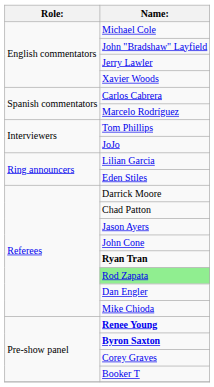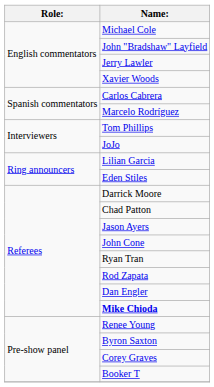 <table class=wikitable style="font-size:90%; margin: 0.5em 0 0.5em 1em; float: right; clear: right;">
 <tr>
 <th>Role:</th>
 <th>Name:</th>
 </tr>
 <tr>
 <td rowspan=4>English commentators</td>
 <td><a href='#'>Michael Cole</a></td>
 </tr>
 <tr>
 <td><a href='#'>John "Bradshaw" Layfield</a></td>
 </tr>
 <tr>
 <td><a href='#'>Jerry Lawler</a></td>
 </tr>
 <tr>
 <td><a href='#'>Xavier Woods</a> </td>
 </tr>
 <tr>
 <td rowspan=2>Spanish commentators</td>
 <td><a href='#'>Carlos Cabrera</a></td>
 </tr>
 <tr>
 <td><a href='#'>Marcelo Rodríguez</a></td>
 </tr>
 <tr>
 <td rowspan=2>Interviewers</td>
 <td><a href='#'>Tom Phillips</a></td>
 </tr>
 <tr>
 <td><a href='#'>JoJo</a></td>
 </tr>
 <tr>
 <td rowspan=2><a href='#'>Ring announcers</a></td>
 <td><a href='#'>Lilian Garcia</a></td>
 </tr>
 <tr>
 <td><a href='#'>Eden Stiles</a></td>
 </tr>
 <tr>
 <td rowspan=8><a href='#'>Referees</a></td>
 <td>Darrick Moore</td>
 </tr>
 <tr>
 <td>Chad Patton</td>
 </tr>
 <tr>
 <td><a href='#'>Jason Ayers</a></td>
 </tr>
 <tr>
 <td><a href='#'>John Cone</a></td>
 </tr>
 <tr>
-<td><strong>Ryan Tran</strong></td>
+<td>Ryan Tran</td>
 </tr>
 <tr>
-<td style="background: lightgreen;"><a href='#'>Rod Zapata</a></td>
+<td><a href='#'>Rod Zapata</a></td>
 </tr>
 <tr>
 <td><a href='#'>Dan Engler</a></td>
 </tr>
 <tr>
-<td><a href='#'>Mike Chioda</a></td>
+<td><strong><a href='#'>Mike Chioda</a></strong></td>
 </tr>
 <tr>
 <td rowspan=4>Pre-show panel</td>
-<td><strong><a href='#'>Renee Young</a></strong></td>
+<td><a href='#'>Renee Young</a></td>
 </tr>
 <tr>
-<td><strong><a href='#'>Byron Saxton</a></strong></td>
+<td><a href='#'>Byron Saxton</a></td>
 </tr>
 <tr>
 <td><a href='#'>Corey Graves</a></td>
 </tr>
 <tr>
 <td><a href='#'>Booker T</a></td>
 </tr>
 <tr>
 </tr>
 </table>
